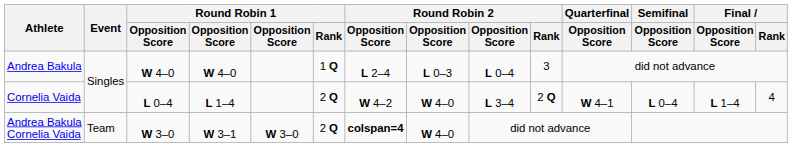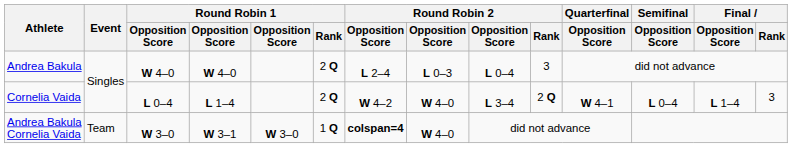 <table class=wikitable style="font-size:90%">
 <tr>
 <th rowspan=2>Athlete</th>
 <th rowspan=2>Event</th>
 <th colspan=4>Round Robin 1</th>
 <th colspan=4>Round Robin 2</th>
 <th>Quarterfinal</th>
 <th>Semifinal</th>
 <th colspan=2>Final / </th>
 </tr>
 <tr style="font-size:95%">
 <th>Opposition<br>Score</th>
 <th>Opposition<br>Score</th>
 <th>Opposition<br>Score</th>
 <th>Rank</th>
 <th>Opposition<br>Score</th>
 <th>Opposition<br>Score</th>
 <th>Opposition<br>Score</th>
 <th>Rank</th>
 <th>Opposition<br>Score</th>
 <th>Opposition<br>Score</th>
 <th>Opposition<br>Score</th>
 <th>Rank</th>
 </tr>
 <tr align=center>
 <td align=left><a href='#'>Andrea Bakula</a></td>
 <td align=left rowspan=2>Singles</td>
 <td><br><strong>W</strong> 4–0</td>
 <td><br><strong>W</strong> 4–0</td>
 <td></td>
-<td>1 <strong>Q</strong></td>
+<td>2 <strong>Q</strong></td>
 <td><br><strong>L</strong> 2–4</td>
 <td><br><strong>L</strong> 0–3</td>
 <td><br><strong>L</strong> 0–4</td>
 <td>3</td>
 <td colspan=4>did not advance</td>
 </tr>
 <tr align=center>
 <td align=left><a href='#'>Cornelia Vaida</a></td>
 <td><br><strong>L</strong> 0–4</td>
 <td><br><strong>L</strong> 1–4</td>
 <td></td>
 <td>2 <strong>Q</strong></td>
 <td><br><strong>W</strong> 4–2</td>
 <td><br><strong>W</strong> 4–0</td>
 <td><br><strong>L</strong> 3–4</td>
 <td>2 <strong>Q</strong></td>
 <td><br><strong>W</strong> 4–1</td>
 <td><br><strong>L</strong> 0–4</td>
 <td><br><strong>L</strong> 1–4</td>
-<td>4</td>
+<td>3</td>
 </tr>
 <tr align=center>
 <td align=left><a href='#'>Andrea Bakula</a><br><a href='#'>Cornelia Vaida</a></td>
 <td align=left>Team</td>
 <td><br><strong>W</strong> 3–0</td>
 <td><br><strong>W</strong> 3–1</td>
 <td><br><strong>W</strong> 3–0</td>
-<td>2 <strong>Q</strong></td>
+<td>1 <strong>Q</strong></td>
 <td><strong>colspan=4 </strong></td>
 <td><br><strong>W</strong> 4–0</td>
 <td colspan=3>did not advance</td>
 </tr>
 </table>
